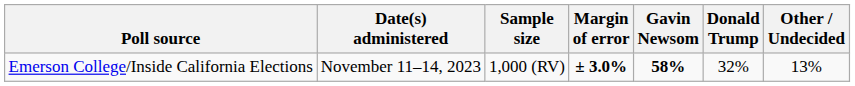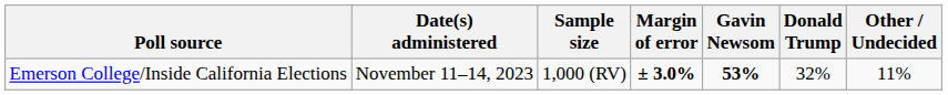 <table class="wikitable sortable mw-datatable" style="font-size:90%;text-align:center;line-height:17px">
 <tr valign=bottom>
 <th>Poll source</th>
 <th>Date(s)<br>administered</th>
 <th>Sample<br>size</th>
 <th>Margin<br>of error</th>
 <th class="unsortable">Gavin<br>Newsom<br></th>
 <th class="unsortable">Donald<br>Trump<br></th>
 <th class="unsortable">Other /<br>Undecided</th>
 </tr>
 <tr>
 <td style="text-align:left;"><a href='#'>Emerson College</a>/Inside California Elections</td>
 <td>November 11–14, 2023</td>
 <td>1,000 (RV)</td>
 <td><strong>± 3.0%</strong></td>
-<td style="color:black;background-color:"><strong>58%</strong></td>
+<td style="color:black;background-color:"><strong>53%</strong></td>
 <td>32%</td>
-<td>13%</td>
+<td>11%</td>
 </tr>
 </table>
